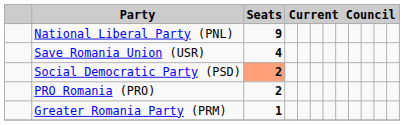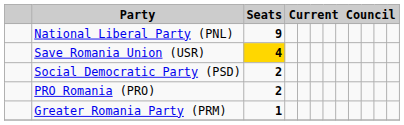 <table class="wikitable">
 <tr>
 <th style="background:#ccc">   </th>
 <th style="background:#ccc">Party</th>
 <th style="background:#ccc">Seats</th>
 <th style="background:#ccc" colspan="9">Current Council</th>
 </tr>
 <tr>
 <td>  </td>
 <td><a href='#'>National Liberal Party</a> (PNL)</td>
 <td style="text-align: right"><strong>9</strong></td>
 <td>  </td>
 <td>  </td>
 <td>  </td>
 <td>  </td>
 <td>  </td>
 <td>  </td>
 <td>  </td>
 <td>  </td>
 <td>  </td>
 </tr>
 <tr>
 <td>  </td>
 <td><a href='#'>Save Romania Union</a> (USR)</td>
-<td style="text-align: right"><strong>4</strong></td>
+<td style="background: gold; text-align: right"><strong>4</strong></td>
 <td>  </td>
 <td>  </td>
 <td>  </td>
 <td>  </td>
 <td> </td>
 <td> </td>
 <td> </td>
 <td> </td>
 <td> </td>
 </tr>
 <tr>
 <td>  </td>
 <td><a href='#'>Social Democratic Party</a> (PSD)</td>
-<td style="background: lightsalmon; text-align: right"><strong>2</strong></td>
+<td style="text-align: right"><strong>2</strong></td>
 <td>  </td>
 <td>  </td>
 <td> </td>
 <td> </td>
 <td> </td>
 <td> </td>
 <td> </td>
 <td> </td>
 <td> </td>
 </tr>
 <tr>
 <td>  </td>
 <td><a href='#'>PRO Romania</a> (PRO)</td>
 <td style="text-align: right"><strong>2</strong></td>
 <td>  </td>
 <td>  </td>
 <td> </td>
 <td> </td>
 <td> </td>
 <td> </td>
 <td> </td>
 <td> </td>
 <td> </td>
 </tr>
 <tr>
 <td>  </td>
 <td><a href='#'>Greater Romania Party</a> (PRM)</td>
 <td style="text-align: right"><strong>1</strong></td>
 <td>  </td>
 <td> </td>
 <td> </td>
 <td> </td>
 <td> </td>
 <td> </td>
 <td> </td>
 <td> </td>
 <td> </td>
 </tr>
 <tr>
 </tr>
 </table>
